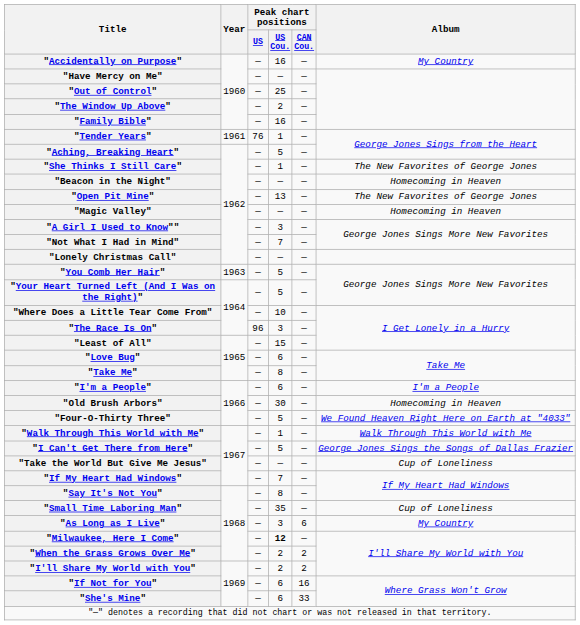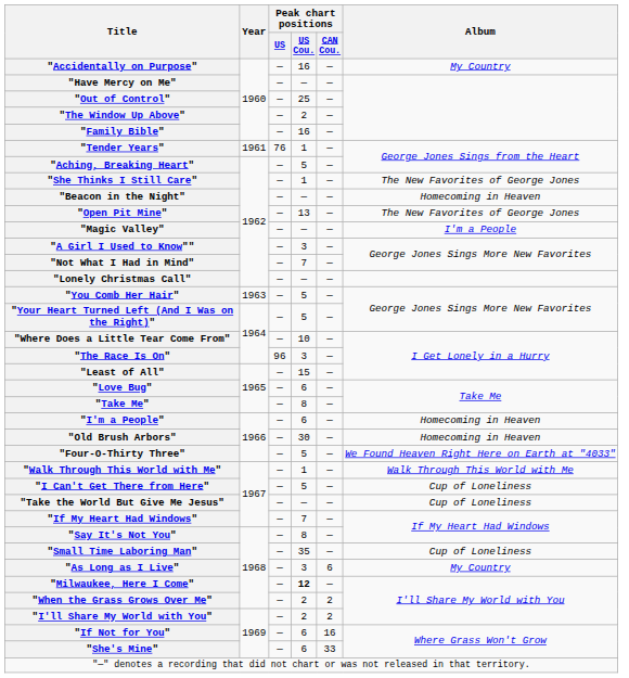 <table class="wikitable plainrowheaders" style="text-align:center;" border="1">
 <tr>
 <th scope="col" rowspan="2" style="width:23em;">Title</th>
 <th scope="col" rowspan="2">Year</th>
 <th scope="col" colspan="3">Peak chart<br>positions</th>
 <th scope="col" rowspan="2">Album</th>
 </tr>
 <tr>
 <th scope="col" style="width:2em;font-size:90%;"><a href='#'>US</a><br></th>
 <th scope="col" style="width:2em;font-size:90%;"><a href='#'>US<br>Cou.</a><br></th>
 <th scope="col" style="width:2em;font-size:90%;"><a href='#'>CAN<br>Cou.</a><br></th>
 </tr>
 <tr>
 <th scope="row">"<a href='#'>Accidentally on Purpose</a>"</th>
 <td rowspan="5">1960</td>
 <td>—</td>
 <td>16</td>
 <td>—</td>
 <td><em><a href='#'>My Country</a></em></td>
 </tr>
 <tr>
 <th scope="row">"Have Mercy on Me"</th>
 <td>—</td>
 <td>—</td>
 <td>—</td>
 </tr>
 <tr>
 <th scope="row">"<a href='#'>Out of Control</a>"</th>
 <td>—</td>
 <td>25</td>
 <td>—</td>
 </tr>
 <tr>
 <th scope="row">"<a href='#'>The Window Up Above</a>"</th>
 <td>—</td>
 <td>2</td>
 <td>—</td>
 </tr>
 <tr>
 <th scope="row">"<a href='#'>Family Bible</a>"</th>
 <td>—</td>
 <td>16</td>
 <td>—</td>
 </tr>
 <tr>
 <th scope="row">"<a href='#'>Tender Years</a>"</th>
 <td>1961</td>
 <td>76</td>
 <td>1</td>
 <td>—</td>
 <td rowspan="2"><em><a href='#'>George Jones Sings from the Heart</a></em></td>
 </tr>
 <tr>
 <th scope="row">"<a href='#'>Aching, Breaking Heart</a>"</th>
 <td rowspan="8">1962</td>
 <td>—</td>
 <td>5</td>
 <td>—</td>
 </tr>
 <tr>
 <th scope="row">"<a href='#'>She Thinks I Still Care</a>"</th>
 <td>—</td>
 <td>1</td>
 <td>—</td>
 <td><em>The New Favorites of George Jones</em></td>
 </tr>
 <tr>
 <th scope="row">"Beacon in the Night"</th>
 <td>—</td>
 <td>—</td>
 <td>—</td>
 <td><em>Homecoming in Heaven</em></td>
 </tr>
 <tr>
 <th scope="row">"<a href='#'>Open Pit Mine</a>"</th>
 <td>—</td>
 <td>13</td>
 <td>—</td>
 <td><em>The New Favorites of George Jones</em></td>
 </tr>
 <tr>
 <th scope="row">"Magic Valley"</th>
 <td>—</td>
 <td>—</td>
 <td>—</td>
-<td><em>Homecoming in Heaven</em></td>
+<td><em><a href='#'>I'm a People</a></em></td>
 </tr>
 <tr>
 <th scope="row">"<a href='#'>A Girl I Used to Know</a>""</th>
 <td>—</td>
 <td>3</td>
 <td>—</td>
 <td rowspan="2"><em>George Jones Sings More New Favorites</em></td>
 </tr>
 <tr>
 <th scope="row">"Not What I Had in Mind"</th>
 <td>—</td>
 <td>7</td>
 <td>—</td>
 </tr>
 <tr>
 <th scope="row">"Lonely Christmas Call"</th>
 <td>—</td>
 <td>—</td>
 <td>—</td>
 <td></td>
 </tr>
 <tr>
 <th scope="row">"<a href='#'>You Comb Her Hair</a>"</th>
 <td>1963</td>
 <td>—</td>
 <td>5</td>
 <td>—</td>
 <td rowspan="2"><em>George Jones Sings More New Favorites</em></td>
 </tr>
 <tr>
 <th scope="row">"<a href='#'>Your Heart Turned Left (And I Was on the Right)</a>"</th>
 <td rowspan="3">1964</td>
 <td>—</td>
 <td>5</td>
 <td>—</td>
 </tr>
 <tr>
 <th scope="row">"Where Does a Little Tear Come From"</th>
 <td>—</td>
 <td>10</td>
 <td>—</td>
 <td rowspan="3"><em><a href='#'>I Get Lonely in a Hurry</a></em></td>
 </tr>
 <tr>
 <th scope="row">"<a href='#'>The Race Is On</a>"</th>
 <td>96</td>
 <td>3</td>
 <td>—</td>
 </tr>
 <tr>
 <th scope="row">"Least of All"</th>
 <td rowspan="3">1965</td>
 <td>—</td>
 <td>15</td>
 <td>—</td>
 </tr>
 <tr>
 <th scope="row">"<a href='#'>Love Bug</a>"</th>
 <td>—</td>
 <td>6</td>
 <td>—</td>
 <td rowspan="2"><em><a href='#'>Take Me</a></em></td>
 </tr>
 <tr>
 <th scope="row">"<a href='#'>Take Me</a>"</th>
 <td>—</td>
 <td>8</td>
 <td>—</td>
 </tr>
 <tr>
 <th scope="row">"<a href='#'>I'm a People</a>"</th>
 <td rowspan="3">1966</td>
 <td>—</td>
 <td>6</td>
 <td>—</td>
-<td><em><a href='#'>I'm a People</a></em></td>
+<td><em>Homecoming in Heaven</em></td>
 </tr>
 <tr>
 <th scope="row">"Old Brush Arbors"</th>
 <td>—</td>
 <td>30</td>
 <td>—</td>
 <td><em>Homecoming in Heaven</em></td>
 </tr>
 <tr>
 <th scope="row">"Four-O-Thirty Three"</th>
 <td>—</td>
 <td>5</td>
 <td>—</td>
 <td><em><a href='#'>We Found Heaven Right Here on Earth at "4033"</a></em></td>
 </tr>
 <tr>
 <th scope="row">"<a href='#'>Walk Through This World with Me</a>"</th>
 <td rowspan="4">1967</td>
 <td>—</td>
 <td>1</td>
 <td>—</td>
 <td><em><a href='#'>Walk Through This World with Me</a></em></td>
 </tr>
 <tr>
 <th scope="row">"<a href='#'>I Can't Get There from Here</a>"</th>
 <td>—</td>
 <td>5</td>
 <td>—</td>
-<td><em><a href='#'>George Jones Sings the Songs of Dallas Frazier</a></em></td>
+<td><em>Cup of Loneliness</em></td>
 </tr>
 <tr>
 <th scope="row">"Take the World But Give Me Jesus"</th>
 <td>—</td>
 <td>—</td>
 <td>—</td>
 <td><em>Cup of Loneliness</em></td>
 </tr>
 <tr>
 <th scope="row">"<a href='#'>If My Heart Had Windows</a>"</th>
 <td>—</td>
 <td>7</td>
 <td>—</td>
 <td rowspan="2"><em><a href='#'>If My Heart Had Windows</a></em></td>
 </tr>
 <tr>
 <th scope="row">"<a href='#'>Say It's Not You</a>"</th>
 <td rowspan="5">1968</td>
 <td>—</td>
 <td>8</td>
 <td>—</td>
 </tr>
 <tr>
 <th scope="row">"<a href='#'>Small Time Laboring Man</a>"</th>
 <td>—</td>
 <td>35</td>
 <td>—</td>
 <td><em>Cup of Loneliness</em></td>
 </tr>
 <tr>
 <th scope="row">"<a href='#'>As Long as I Live</a>"</th>
 <td>—</td>
 <td>3</td>
 <td>6</td>
 <td><em><a href='#'>My Country</a></em></td>
 </tr>
 <tr>
 <th scope="row">"<a href='#'>Milwaukee, Here I Come</a>" </th>
 <td>—</td>
 <td><strong>12</strong></td>
 <td>—</td>
 <td rowspan="3"><em><a href='#'>I'll Share My World with You</a></em></td>
 </tr>
 <tr>
 <th scope="row">"<a href='#'>When the Grass Grows Over Me</a>"</th>
 <td>—</td>
 <td>2</td>
 <td>2</td>
 </tr>
 <tr>
 <th scope="row">"<a href='#'>I'll Share My World with You</a>"</th>
 <td rowspan="3">1969</td>
 <td>—</td>
 <td>2</td>
 <td>2</td>
 </tr>
 <tr>
 <th scope="row">"<a href='#'>If Not for You</a>"</th>
 <td>—</td>
 <td>6</td>
 <td>16</td>
 <td rowspan="2"><em><a href='#'>Where Grass Won't Grow</a></em></td>
 </tr>
 <tr>
 <th scope="row">"<a href='#'>She's Mine</a>"</th>
 <td>—</td>
 <td>6</td>
 <td>33</td>
 </tr>
 <tr>
 <td colspan="6" style="font-size:90%">"—" denotes a recording that did not chart or was not released in that territory.</td>
 </tr>
 </table>
